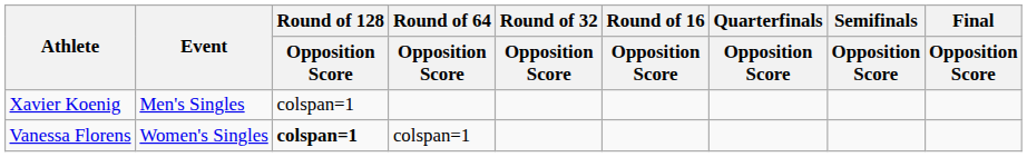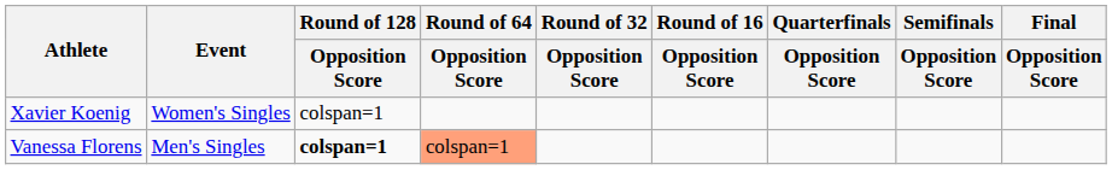 <table class=wikitable style="font-size:90%">
 <tr>
 <th rowspan="2">Athlete</th>
 <th rowspan="2">Event</th>
 <th>Round of 128</th>
 <th>Round of 64</th>
 <th>Round of 32</th>
 <th>Round of 16</th>
 <th>Quarterfinals</th>
 <th>Semifinals</th>
 <th>Final</th>
 </tr>
 <tr>
 <th>Opposition<br>Score</th>
 <th>Opposition<br>Score</th>
 <th>Opposition<br>Score</th>
 <th>Opposition<br>Score</th>
 <th>Opposition<br>Score</th>
 <th>Opposition<br>Score</th>
 <th>Opposition<br>Score</th>
 </tr>
 <tr>
 <td><a href='#'>Xavier Koenig</a></td>
-<td><a href='#'>Men's Singles</a></td>
+<td><a href='#'>Women's Singles</a></td>
 <td>colspan=1 </td>
 <td align=center></td>
 <td align=center></td>
 <td align=center></td>
 <td align=center></td>
 <td align=center></td>
 <td align=center></td>
 </tr>
 <tr>
 <td><a href='#'>Vanessa Florens</a></td>
-<td><a href='#'>Women's Singles</a></td>
+<td><a href='#'>Men's Singles</a></td>
 <td><strong>colspan=1 </strong></td>
-<td>colspan=1 </td>
+<td style="background: lightsalmon;">colspan=1 </td>
 <td align=center></td>
 <td align=center></td>
 <td align=center></td>
 <td align=center></td>
 <td align=center></td>
 </tr>
 </table>
